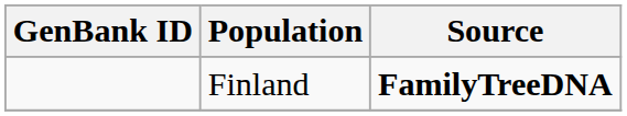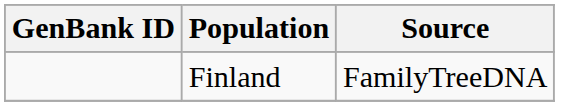 <table class="wikitable sortable">
 <tr>
 <th scope="col">GenBank ID</th>
 <th scope="col">Population</th>
 <th scope="col">Source</th>
 </tr>
 <tr>
 <td></td>
 <td>Finland</td>
-<td><strong>FamilyTreeDNA</strong></td>
+<td>FamilyTreeDNA</td>
 </tr>
 <tr>
 </tr>
 </table>
